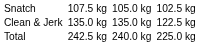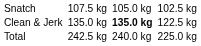 <table>
 <tr>
 <td>Snatch</td>
 <td></td>
 <td>107.5 kg</td>
 <td></td>
 <td>105.0 kg</td>
 <td></td>
 <td>102.5 kg</td>
 </tr>
 <tr>
 <td>Clean & Jerk</td>
 <td></td>
 <td>135.0 kg</td>
 <td></td>
-<td>135.0 kg</td>
+<td><strong>135.0 kg</strong></td>
 <td></td>
 <td>122.5 kg</td>
 </tr>
 <tr>
 <td>Total</td>
 <td></td>
 <td>242.5 kg</td>
 <td></td>
 <td>240.0 kg</td>
 <td></td>
 <td>225.0 kg</td>
 </tr>
 </table>
